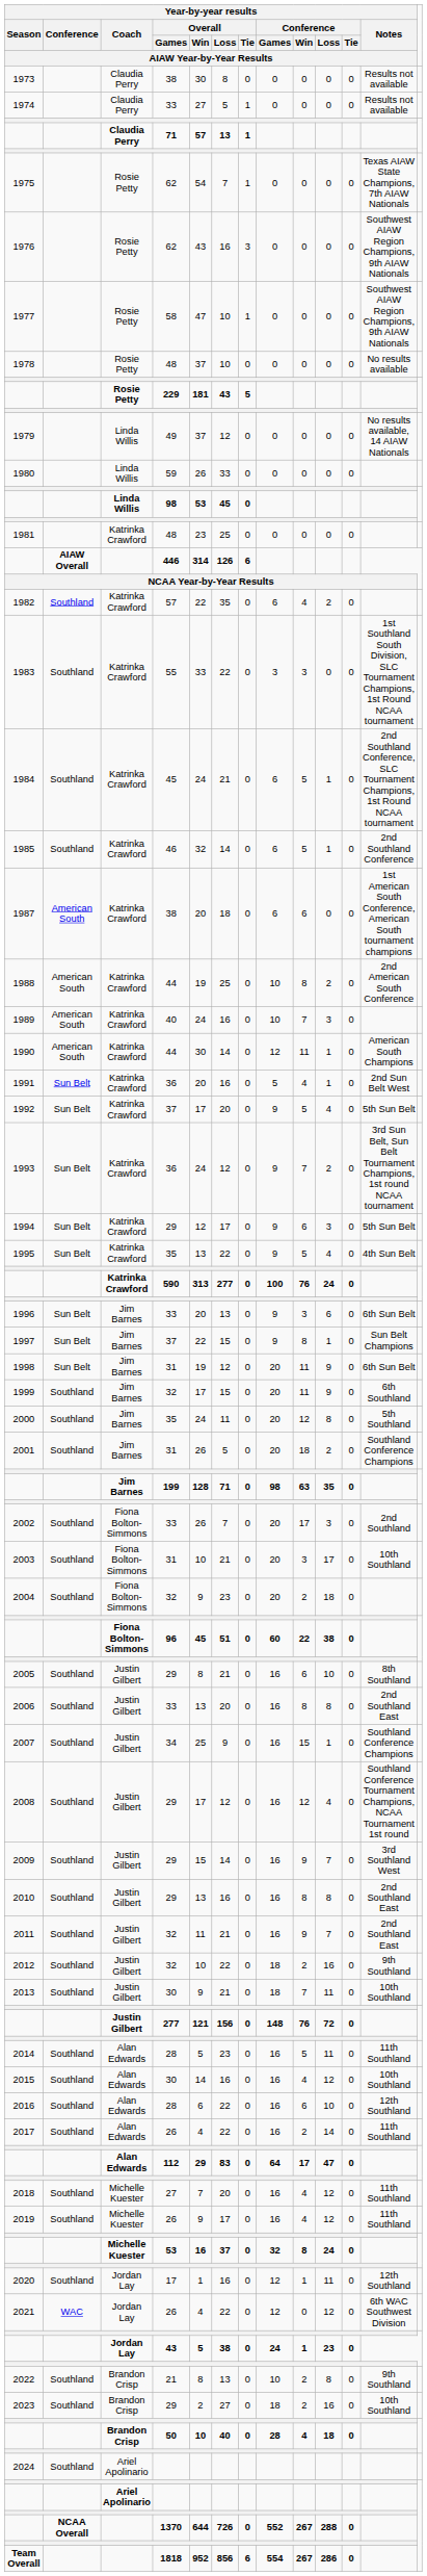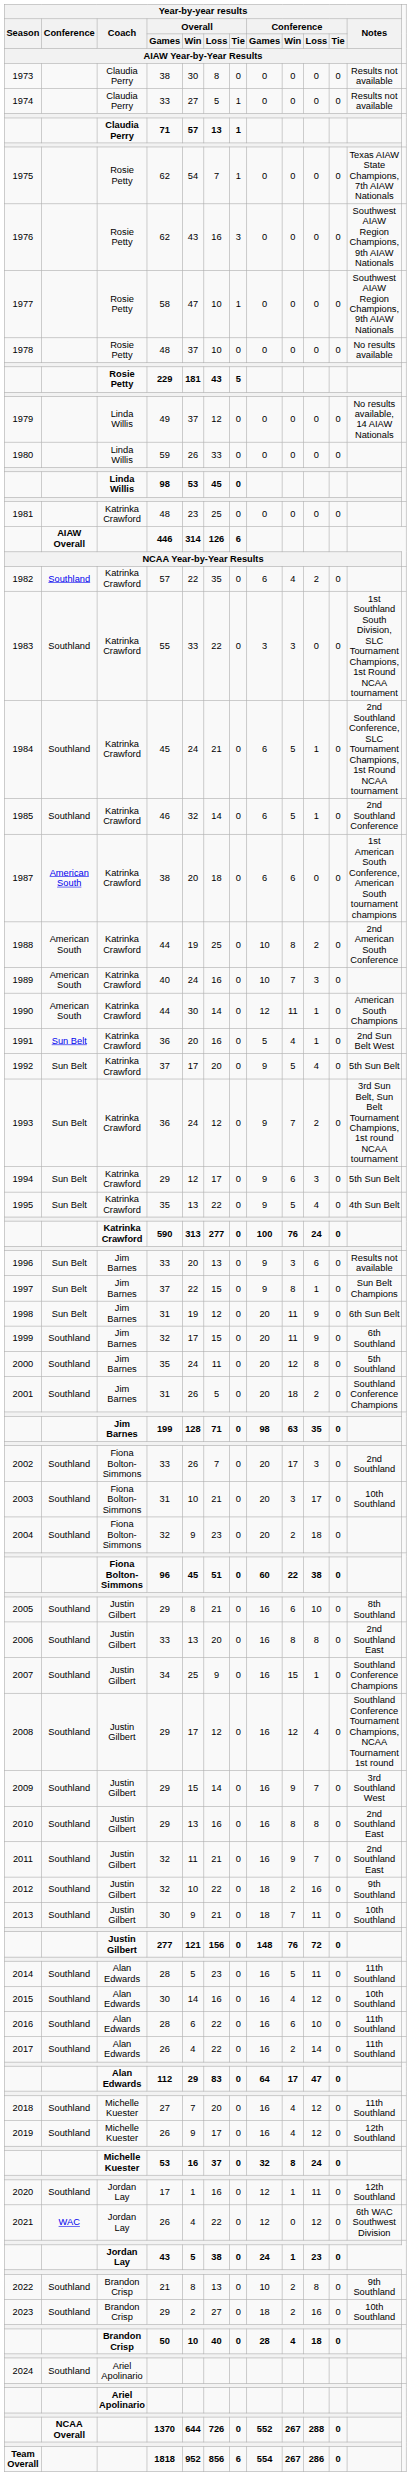 <table class="wikitable" style="text-align:center">
 <tr>
 <th colspan=12>Year-by-year results</th>
 </tr>
 <tr>
 <th rowspan=2>Season</th>
 <th rowspan=2>Conference</th>
 <th rowspan=2>Coach</th>
 <th colspan="4">Overall</th>
 <th colspan="4">Conference</th>
 <th rowspan=2>Notes</th>
 </tr>
 <tr>
 <th>Games</th>
 <th>Win</th>
 <th>Loss</th>
 <th>Tie</th>
 <th>Games</th>
 <th>Win</th>
 <th>Loss</th>
 <th>Tie</th>
 </tr>
 <tr>
 <th colspan=12>AIAW Year-by-Year Results</th>
 </tr>
 <tr>
 <td>1973</td>
 <td></td>
 <td>Claudia Perry</td>
 <td>38</td>
 <td>30</td>
 <td>8</td>
 <td>0</td>
 <td>0</td>
 <td>0</td>
 <td>0</td>
 <td>0</td>
 <td>Results not available</td>
 <td></td>
 </tr>
 <tr>
 <td>1974</td>
 <td></td>
 <td>Claudia Perry</td>
 <td>33</td>
 <td>27</td>
 <td>5</td>
 <td>1</td>
 <td>0</td>
 <td>0</td>
 <td>0</td>
 <td>0</td>
 <td>Results not available</td>
 <td></td>
 </tr>
 <tr>
 <th colspan=12></th>
 </tr>
 <tr>
 <td></td>
 <td></td>
 <td><strong>Claudia Perry</strong></td>
 <td><strong>71</strong></td>
 <td><strong>57</strong></td>
 <td><strong>13</strong></td>
 <td><strong>1</strong></td>
 <td></td>
 <td></td>
 <td></td>
 <td></td>
 <td></td>
 </tr>
 <tr>
 <th colspan=12></th>
 </tr>
 <tr>
 <td>1975</td>
 <td></td>
 <td>Rosie Petty</td>
 <td>62</td>
 <td>54</td>
 <td>7</td>
 <td>1</td>
 <td>0</td>
 <td>0</td>
 <td>0</td>
 <td>0</td>
 <td>Texas AIAW State Champions, 7th AIAW Nationals</td>
 <td></td>
 </tr>
 <tr>
 <td>1976</td>
 <td></td>
 <td>Rosie Petty</td>
 <td>62</td>
 <td>43</td>
 <td>16</td>
 <td>3</td>
 <td>0</td>
 <td>0</td>
 <td>0</td>
 <td>0</td>
 <td>Southwest AIAW Region Champions, 9th AIAW Nationals</td>
 <td></td>
 </tr>
 <tr>
 <td>1977</td>
 <td></td>
 <td>Rosie Petty</td>
 <td>58</td>
 <td>47</td>
 <td>10</td>
 <td>1</td>
 <td>0</td>
 <td>0</td>
 <td>0</td>
 <td>0</td>
 <td>Southwest AIAW Region Champions, 9th AIAW Nationals</td>
 <td></td>
 </tr>
 <tr>
 <td>1978</td>
 <td></td>
 <td>Rosie Petty</td>
 <td>48</td>
 <td>37</td>
 <td>10</td>
 <td>0</td>
 <td>0</td>
 <td>0</td>
 <td>0</td>
 <td>0</td>
 <td>No results available</td>
 <td></td>
 </tr>
 <tr>
 <th colspan=12></th>
 </tr>
 <tr>
 <td></td>
 <td></td>
 <td><strong>Rosie Petty</strong></td>
 <td><strong>229</strong></td>
 <td><strong>181</strong></td>
 <td><strong>43</strong></td>
 <td><strong>5</strong></td>
 <td></td>
 <td></td>
 <td></td>
 <td></td>
 <td></td>
 </tr>
 <tr>
 <th colspan=12></th>
 </tr>
 <tr>
 <td>1979</td>
 <td></td>
 <td>Linda Willis</td>
 <td>49</td>
 <td>37</td>
 <td>12</td>
 <td>0</td>
 <td>0</td>
 <td>0</td>
 <td>0</td>
 <td>0</td>
 <td>No results available, 14 AIAW Nationals</td>
 <td></td>
 </tr>
 <tr>
 <td>1980</td>
 <td></td>
 <td>Linda Willis</td>
 <td>59</td>
 <td>26</td>
 <td>33</td>
 <td>0</td>
 <td>0</td>
 <td>0</td>
 <td>0</td>
 <td>0</td>
 <td></td>
 <td></td>
 </tr>
 <tr>
 <th colspan=12></th>
 </tr>
 <tr>
 <td></td>
 <td></td>
 <td><strong>Linda Willis</strong></td>
 <td><strong>98</strong></td>
 <td><strong>53</strong></td>
 <td><strong>45</strong></td>
 <td><strong>0</strong></td>
 <td></td>
 <td></td>
 <td></td>
 <td></td>
 <td></td>
 </tr>
 <tr>
 <th colspan=12></th>
 </tr>
 <tr>
 <td>1981</td>
 <td></td>
 <td>Katrinka Crawford</td>
 <td>48</td>
 <td>23</td>
 <td>25</td>
 <td>0</td>
 <td>0</td>
 <td>0</td>
 <td>0</td>
 <td>0</td>
 <td></td>
 <td></td>
 </tr>
 <tr>
 <td></td>
 <td><strong>AIAW Overall</strong></td>
 <td></td>
 <td><strong>446</strong></td>
 <td><strong>314</strong></td>
 <td><strong>126</strong></td>
 <td><strong>6</strong></td>
 <td></td>
 <td></td>
 <td></td>
 <td></td>
 </tr>
 <tr>
 <th colspan=12>NCAA Year-by-Year Results</th>
 </tr>
 <tr>
 <td>1982</td>
 <td><a href='#'>Southland</a></td>
 <td>Katrinka Crawford</td>
 <td>57</td>
 <td>22</td>
 <td>35</td>
 <td>0</td>
 <td>6</td>
 <td>4</td>
 <td>2</td>
 <td>0</td>
 <td></td>
 <td></td>
 </tr>
 <tr>
 <td>1983</td>
 <td>Southland</td>
 <td>Katrinka Crawford</td>
 <td>55</td>
 <td>33</td>
 <td>22</td>
 <td>0</td>
 <td>3</td>
 <td>3</td>
 <td>0</td>
 <td>0</td>
 <td>1st Southland South Division, SLC Tournament Champions, 1st Round NCAA tournament</td>
 <td></td>
 </tr>
 <tr>
 <td>1984</td>
 <td>Southland</td>
 <td>Katrinka Crawford</td>
 <td>45</td>
 <td>24</td>
 <td>21</td>
 <td>0</td>
 <td>6</td>
 <td>5</td>
 <td>1</td>
 <td>0</td>
 <td>2nd Southland Conference, SLC Tournament Champions, 1st Round NCAA tournament</td>
 <td></td>
 </tr>
 <tr>
 <td>1985</td>
 <td>Southland</td>
 <td>Katrinka Crawford</td>
 <td>46</td>
 <td>32</td>
 <td>14</td>
 <td>0</td>
 <td>6</td>
 <td>5</td>
 <td>1</td>
 <td>0</td>
 <td>2nd Southland Conference</td>
 <td></td>
 </tr>
 <tr>
 <td>1987</td>
 <td><a href='#'>American South</a></td>
 <td>Katrinka Crawford</td>
 <td>38</td>
 <td>20</td>
 <td>18</td>
 <td>0</td>
 <td>6</td>
 <td>6</td>
 <td>0</td>
 <td>0</td>
 <td>1st American South Conference, American South tournament champions</td>
 <td></td>
 </tr>
 <tr>
 <td>1988</td>
 <td>American South</td>
 <td>Katrinka Crawford</td>
 <td>44</td>
 <td>19</td>
 <td>25</td>
 <td>0</td>
 <td>10</td>
 <td>8</td>
 <td>2</td>
 <td>0</td>
 <td>2nd American South Conference</td>
 <td></td>
 </tr>
 <tr>
 <td>1989</td>
 <td>American South</td>
 <td>Katrinka Crawford</td>
 <td>40</td>
 <td>24</td>
 <td>16</td>
 <td>0</td>
 <td>10</td>
 <td>7</td>
 <td>3</td>
 <td>0</td>
 <td></td>
 <td></td>
 </tr>
 <tr>
 <td>1990</td>
 <td>American South</td>
 <td>Katrinka Crawford</td>
 <td>44</td>
 <td>30</td>
 <td>14</td>
 <td>0</td>
 <td>12</td>
 <td>11</td>
 <td>1</td>
 <td>0</td>
 <td>American South Champions</td>
 <td></td>
 </tr>
 <tr>
 <td>1991</td>
 <td><a href='#'>Sun Belt</a></td>
 <td>Katrinka Crawford</td>
 <td>36</td>
 <td>20</td>
 <td>16</td>
 <td>0</td>
 <td>5</td>
 <td>4</td>
 <td>1</td>
 <td>0</td>
 <td>2nd Sun Belt West</td>
 <td></td>
 </tr>
 <tr>
 <td>1992</td>
 <td>Sun Belt</td>
 <td>Katrinka Crawford</td>
 <td>37</td>
 <td>17</td>
 <td>20</td>
 <td>0</td>
 <td>9</td>
 <td>5</td>
 <td>4</td>
 <td>0</td>
 <td>5th Sun Belt</td>
 <td></td>
 </tr>
 <tr>
 <td>1993</td>
 <td>Sun Belt</td>
 <td>Katrinka Crawford</td>
 <td>36</td>
 <td>24</td>
 <td>12</td>
 <td>0</td>
 <td>9</td>
 <td>7</td>
 <td>2</td>
 <td>0</td>
 <td>3rd Sun Belt, Sun Belt Tournament Champions, 1st round NCAA tournament</td>
 <td></td>
 </tr>
 <tr>
 <td>1994</td>
 <td>Sun Belt</td>
 <td>Katrinka Crawford</td>
 <td>29</td>
 <td>12</td>
 <td>17</td>
 <td>0</td>
 <td>9</td>
 <td>6</td>
 <td>3</td>
 <td>0</td>
 <td>5th Sun Belt</td>
 <td></td>
 </tr>
 <tr>
 <td>1995</td>
 <td>Sun Belt</td>
 <td>Katrinka Crawford</td>
 <td>35</td>
 <td>13</td>
 <td>22</td>
 <td>0</td>
 <td>9</td>
 <td>5</td>
 <td>4</td>
 <td>0</td>
 <td>4th Sun Belt</td>
 <td></td>
 </tr>
 <tr>
 <th colspan=12></th>
 </tr>
 <tr>
 <td></td>
 <td></td>
 <td><strong>Katrinka Crawford</strong></td>
 <td><strong>590</strong></td>
 <td><strong>313</strong></td>
 <td><strong>277</strong></td>
 <td><strong>0</strong></td>
 <td><strong>100</strong></td>
 <td><strong>76</strong></td>
 <td><strong>24</strong></td>
 <td><strong>0</strong></td>
 <td></td>
 </tr>
 <tr>
 <th colspan=12></th>
 </tr>
 <tr>
 <td>1996</td>
 <td>Sun Belt</td>
 <td>Jim Barnes</td>
 <td>33</td>
 <td>20</td>
 <td>13</td>
 <td>0</td>
 <td>9</td>
 <td>3</td>
 <td>6</td>
 <td>0</td>
-<td>6th Sun Belt</td>
+<td>Results not available</td>
 <td></td>
 </tr>
 <tr>
 <td>1997</td>
 <td>Sun Belt</td>
 <td>Jim Barnes</td>
 <td>37</td>
 <td>22</td>
 <td>15</td>
 <td>0</td>
 <td>9</td>
 <td>8</td>
 <td>1</td>
 <td>0</td>
 <td>Sun Belt Champions</td>
 <td></td>
 </tr>
 <tr>
 <td>1998</td>
 <td>Sun Belt</td>
 <td>Jim Barnes</td>
 <td>31</td>
 <td>19</td>
 <td>12</td>
 <td>0</td>
 <td>20</td>
 <td>11</td>
 <td>9</td>
 <td>0</td>
 <td>6th Sun Belt</td>
 <td></td>
 </tr>
 <tr>
 <td>1999</td>
 <td>Southland</td>
 <td>Jim Barnes</td>
 <td>32</td>
 <td>17</td>
 <td>15</td>
 <td>0</td>
 <td>20</td>
 <td>11</td>
 <td>9</td>
 <td>0</td>
 <td>6th Southland</td>
 <td></td>
 </tr>
 <tr>
 <td>2000</td>
 <td>Southland</td>
 <td>Jim Barnes</td>
 <td>35</td>
 <td>24</td>
 <td>11</td>
 <td>0</td>
 <td>20</td>
 <td>12</td>
 <td>8</td>
 <td>0</td>
 <td>5th Southland</td>
 <td></td>
 </tr>
 <tr>
 <td>2001</td>
 <td>Southland</td>
 <td>Jim Barnes</td>
 <td>31</td>
 <td>26</td>
 <td>5</td>
 <td>0</td>
 <td>20</td>
 <td>18</td>
 <td>2</td>
 <td>0</td>
 <td>Southland Conference Champions</td>
 <td></td>
 </tr>
 <tr>
 <th colspan=12></th>
 </tr>
 <tr>
 <td></td>
 <td></td>
 <td><strong>Jim Barnes</strong></td>
 <td><strong>199</strong></td>
 <td><strong>128</strong></td>
 <td><strong>71</strong></td>
 <td><strong>0</strong></td>
 <td><strong>98</strong></td>
 <td><strong>63</strong></td>
 <td><strong>35</strong></td>
 <td><strong>0</strong></td>
 <td></td>
 </tr>
 <tr>
 <th colspan=12></th>
 </tr>
 <tr>
 <td>2002</td>
 <td>Southland</td>
 <td>Fiona Bolton-Simmons</td>
 <td>33</td>
 <td>26</td>
 <td>7</td>
 <td>0</td>
 <td>20</td>
 <td>17</td>
 <td>3</td>
 <td>0</td>
 <td>2nd Southland</td>
 <td></td>
 </tr>
 <tr>
 <td>2003</td>
 <td>Southland</td>
 <td>Fiona Bolton-Simmons</td>
 <td>31</td>
 <td>10</td>
 <td>21</td>
 <td>0</td>
 <td>20</td>
 <td>3</td>
 <td>17</td>
 <td>0</td>
 <td>10th Southland</td>
 <td></td>
 </tr>
 <tr>
 <td>2004</td>
 <td>Southland</td>
 <td>Fiona Bolton-Simmons</td>
 <td>32</td>
 <td>9</td>
 <td>23</td>
 <td>0</td>
 <td>20</td>
 <td>2</td>
 <td>18</td>
 <td>0</td>
 <td></td>
 <td></td>
 </tr>
 <tr>
 <th colspan=12></th>
 </tr>
 <tr>
 <td></td>
 <td></td>
 <td><strong>Fiona Bolton-Simmons</strong></td>
 <td><strong>96</strong></td>
 <td><strong>45</strong></td>
 <td><strong>51</strong></td>
 <td><strong>0</strong></td>
 <td><strong>60</strong></td>
 <td><strong>22</strong></td>
 <td><strong>38</strong></td>
 <td><strong>0</strong></td>
 <td></td>
 </tr>
 <tr>
 <th colspan=12></th>
 </tr>
 <tr>
 <td>2005</td>
 <td>Southland</td>
 <td>Justin Gilbert</td>
 <td>29</td>
 <td>8</td>
 <td>21</td>
 <td>0</td>
 <td>16</td>
 <td>6</td>
 <td>10</td>
 <td>0</td>
 <td>8th Southland</td>
 <td></td>
 </tr>
 <tr>
 <td>2006</td>
 <td>Southland</td>
 <td>Justin Gilbert</td>
 <td>33</td>
 <td>13</td>
 <td>20</td>
 <td>0</td>
 <td>16</td>
 <td>8</td>
 <td>8</td>
 <td>0</td>
 <td>2nd Southland East</td>
 <td></td>
 </tr>
 <tr>
 <td>2007</td>
 <td>Southland</td>
 <td>Justin Gilbert</td>
 <td>34</td>
 <td>25</td>
 <td>9</td>
 <td>0</td>
 <td>16</td>
 <td>15</td>
 <td>1</td>
 <td>0</td>
 <td>Southland Conference Champions</td>
 <td></td>
 </tr>
 <tr>
 <td>2008</td>
 <td>Southland</td>
 <td>Justin Gilbert</td>
 <td>29</td>
 <td>17</td>
 <td>12</td>
 <td>0</td>
 <td>16</td>
 <td>12</td>
 <td>4</td>
 <td>0</td>
 <td>Southland Conference Tournament Champions, NCAA Tournament 1st round</td>
 <td></td>
 </tr>
 <tr>
 <td>2009</td>
 <td>Southland</td>
 <td>Justin Gilbert</td>
 <td>29</td>
 <td>15</td>
 <td>14</td>
 <td>0</td>
 <td>16</td>
 <td>9</td>
 <td>7</td>
 <td>0</td>
 <td>3rd Southland West</td>
 <td></td>
 </tr>
 <tr>
 <td>2010</td>
 <td>Southland</td>
 <td>Justin Gilbert</td>
 <td>29</td>
 <td>13</td>
 <td>16</td>
 <td>0</td>
 <td>16</td>
 <td>8</td>
 <td>8</td>
 <td>0</td>
 <td>2nd Southland East</td>
 <td></td>
 </tr>
 <tr>
 <td>2011</td>
 <td>Southland</td>
 <td>Justin Gilbert</td>
 <td>32</td>
 <td>11</td>
 <td>21</td>
 <td>0</td>
 <td>16</td>
 <td>9</td>
 <td>7</td>
 <td>0</td>
 <td>2nd Southland East</td>
 <td></td>
 </tr>
 <tr>
 <td>2012</td>
 <td>Southland</td>
 <td>Justin Gilbert</td>
 <td>32</td>
 <td>10</td>
 <td>22</td>
 <td>0</td>
 <td>18</td>
 <td>2</td>
 <td>16</td>
 <td>0</td>
 <td>9th Southland</td>
 <td></td>
 </tr>
 <tr>
 <td>2013</td>
 <td>Southland</td>
 <td>Justin Gilbert</td>
 <td>30</td>
 <td>9</td>
 <td>21</td>
 <td>0</td>
 <td>18</td>
 <td>7</td>
 <td>11</td>
 <td>0</td>
 <td>10th Southland</td>
 <td></td>
 </tr>
 <tr>
 <th colspan=12></th>
 </tr>
 <tr>
 <td></td>
 <td></td>
 <td><strong>Justin Gilbert</strong></td>
 <td><strong>277</strong></td>
 <td><strong>121</strong></td>
 <td><strong>156</strong></td>
 <td><strong>0</strong></td>
 <td><strong>148</strong></td>
 <td><strong>76</strong></td>
 <td><strong>72</strong></td>
 <td><strong>0</strong></td>
 <td></td>
 </tr>
 <tr>
 <th colspan=12></th>
 </tr>
 <tr>
 <td>2014</td>
 <td>Southland</td>
 <td>Alan Edwards</td>
 <td>28</td>
 <td>5</td>
 <td>23</td>
 <td>0</td>
 <td>16</td>
 <td>5</td>
 <td>11</td>
 <td>0</td>
 <td>11th Southland</td>
 <td></td>
 </tr>
 <tr>
 <td>2015</td>
 <td>Southland</td>
 <td>Alan Edwards</td>
 <td>30</td>
 <td>14</td>
 <td>16</td>
 <td>0</td>
 <td>16</td>
 <td>4</td>
 <td>12</td>
 <td>0</td>
 <td>10th Southland</td>
 <td></td>
 </tr>
 <tr>
 <td>2016</td>
 <td>Southland</td>
 <td>Alan Edwards</td>
 <td>28</td>
 <td>6</td>
 <td>22</td>
 <td>0</td>
 <td>16</td>
 <td>6</td>
 <td>10</td>
 <td>0</td>
-<td>12th Southland</td>
+<td>11th Southland</td>
 <td></td>
 </tr>
 <tr>
 <td>2017</td>
 <td>Southland</td>
 <td>Alan Edwards</td>
 <td>26</td>
 <td>4</td>
 <td>22</td>
 <td>0</td>
 <td>16</td>
 <td>2</td>
 <td>14</td>
 <td>0</td>
 <td>11th Southland</td>
 <td></td>
 </tr>
 <tr>
 <th colspan=12></th>
 </tr>
 <tr>
 <td></td>
 <td></td>
 <td><strong>Alan Edwards</strong></td>
 <td><strong>112</strong></td>
 <td><strong>29</strong></td>
 <td><strong>83</strong></td>
 <td><strong>0</strong></td>
 <td><strong>64</strong></td>
 <td><strong>17</strong></td>
 <td><strong>47</strong></td>
 <td><strong>0</strong></td>
 <td></td>
 </tr>
 <tr>
 <th colspan=12></th>
 </tr>
 <tr>
 <td>2018</td>
 <td>Southland</td>
 <td>Michelle Kuester</td>
 <td>27</td>
 <td>7</td>
 <td>20</td>
 <td>0</td>
 <td>16</td>
 <td>4</td>
 <td>12</td>
 <td>0</td>
 <td>11th Southland</td>
 <td></td>
 </tr>
 <tr>
 <td>2019</td>
 <td>Southland</td>
 <td>Michelle Kuester</td>
 <td>26</td>
 <td>9</td>
 <td>17</td>
 <td>0</td>
 <td>16</td>
 <td>4</td>
 <td>12</td>
 <td>0</td>
-<td>11th Southland</td>
+<td>12th Southland</td>
 <td></td>
 </tr>
 <tr>
 <th colspan=12></th>
 </tr>
 <tr>
 <td></td>
 <td></td>
 <td><strong>Michelle Kuester</strong></td>
 <td><strong>53</strong></td>
 <td><strong>16</strong></td>
 <td><strong>37</strong></td>
 <td><strong>0</strong></td>
 <td><strong>32</strong></td>
 <td><strong>8</strong></td>
 <td><strong>24</strong></td>
 <td><strong>0</strong></td>
 <td></td>
 </tr>
 <tr>
 <th colspan=12></th>
 </tr>
 <tr>
 <td>2020</td>
 <td>Southland</td>
 <td>Jordan Lay</td>
 <td>17</td>
 <td>1</td>
 <td>16</td>
 <td>0</td>
 <td>12</td>
 <td>1</td>
 <td>11</td>
 <td>0</td>
 <td>12th Southland</td>
 <td></td>
 </tr>
 <tr>
 <td>2021</td>
 <td><a href='#'>WAC</a></td>
 <td>Jordan Lay</td>
 <td>26</td>
 <td>4</td>
 <td>22</td>
 <td>0</td>
 <td>12</td>
 <td>0</td>
 <td>12</td>
 <td>0</td>
 <td>6th WAC Southwest Division</td>
 <td></td>
 </tr>
 <tr>
 <th colspan=12></th>
 </tr>
 <tr>
 <td></td>
 <td></td>
 <td><strong>Jordan Lay</strong></td>
 <td><strong>43</strong></td>
 <td><strong>5</strong></td>
 <td><strong>38</strong></td>
 <td><strong>0</strong></td>
 <td><strong>24</strong></td>
 <td><strong>1</strong></td>
 <td><strong>23</strong></td>
 <td><strong>0</strong></td>
 </tr>
 <tr>
 <th colspan=12></th>
 </tr>
 <tr>
 <td>2022</td>
 <td>Southland</td>
 <td>Brandon Crisp</td>
 <td>21</td>
 <td>8</td>
 <td>13</td>
 <td>0</td>
 <td>10</td>
 <td>2</td>
 <td>8</td>
 <td>0</td>
 <td>9th Southland</td>
 <td></td>
 </tr>
 <tr>
 <td>2023</td>
 <td>Southland</td>
 <td>Brandon Crisp</td>
 <td>29</td>
 <td>2</td>
 <td>27</td>
 <td>0</td>
 <td>18</td>
 <td>2</td>
 <td>16</td>
 <td>0</td>
 <td>10th Southland</td>
 <td></td>
 </tr>
 <tr>
 <th colspan=12></th>
 </tr>
 <tr>
 <td></td>
 <td></td>
 <td><strong>Brandon Crisp</strong></td>
 <td><strong>50</strong></td>
 <td><strong>10</strong></td>
 <td><strong>40</strong></td>
 <td><strong>0</strong></td>
 <td><strong>28</strong></td>
 <td><strong>4</strong></td>
 <td><strong>18</strong></td>
 <td><strong>0</strong></td>
 <td></td>
 </tr>
 <tr>
 <th colspan=12></th>
 </tr>
 <tr>
 <td>2024</td>
 <td>Southland</td>
 <td>Ariel Apolinario</td>
 <td></td>
 <td></td>
 <td></td>
 <td></td>
 <td></td>
 <td></td>
 <td></td>
 <td></td>
 <td></td>
 <td></td>
 </tr>
 <tr>
 <th colspan=12></th>
 </tr>
 <tr>
 <td></td>
 <td></td>
 <td><strong>Ariel Apolinario</strong></td>
 <td><strong> </strong></td>
 <td><strong> </strong></td>
 <td><strong> </strong></td>
 <td><strong> </strong></td>
 <td><strong> </strong></td>
 <td><strong> </strong></td>
 <td><strong> </strong></td>
 <td><strong> </strong></td>
 <td></td>
 </tr>
 <tr>
 <th colspan=12></th>
 </tr>
 <tr>
 <td></td>
 <td><strong>NCAA Overall</strong></td>
 <td></td>
 <td><strong>1370</strong></td>
 <td><strong>644</strong></td>
 <td><strong>726</strong></td>
 <td><strong>0</strong></td>
 <td><strong>552</strong></td>
 <td><strong>267</strong></td>
 <td><strong>288</strong></td>
 <td><strong>0</strong></td>
 <td></td>
 </tr>
 <tr>
 <th colspan=12></th>
 </tr>
 <tr>
 <td><strong>Team<br>Overall</strong></td>
 <td></td>
 <td></td>
 <td><strong>1818</strong></td>
 <td><strong>952</strong></td>
 <td><strong>856</strong></td>
 <td><strong>6</strong></td>
 <td><strong>554</strong></td>
 <td><strong>267</strong></td>
 <td><strong>286</strong></td>
 <td><strong>0</strong></td>
 <td></td>
 </tr>
 </table>
